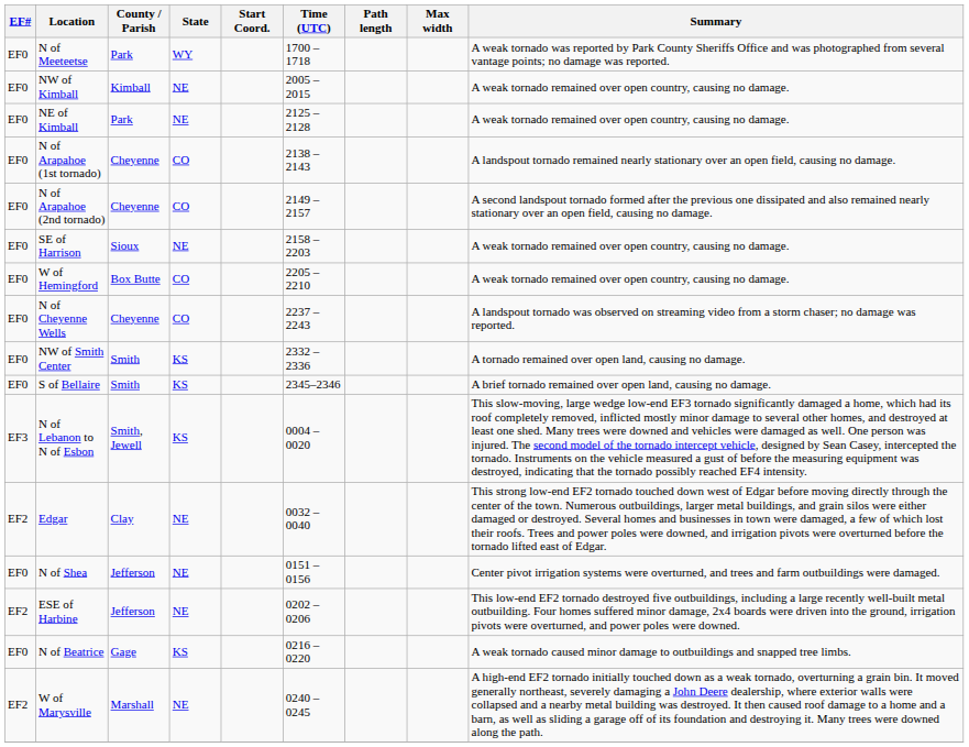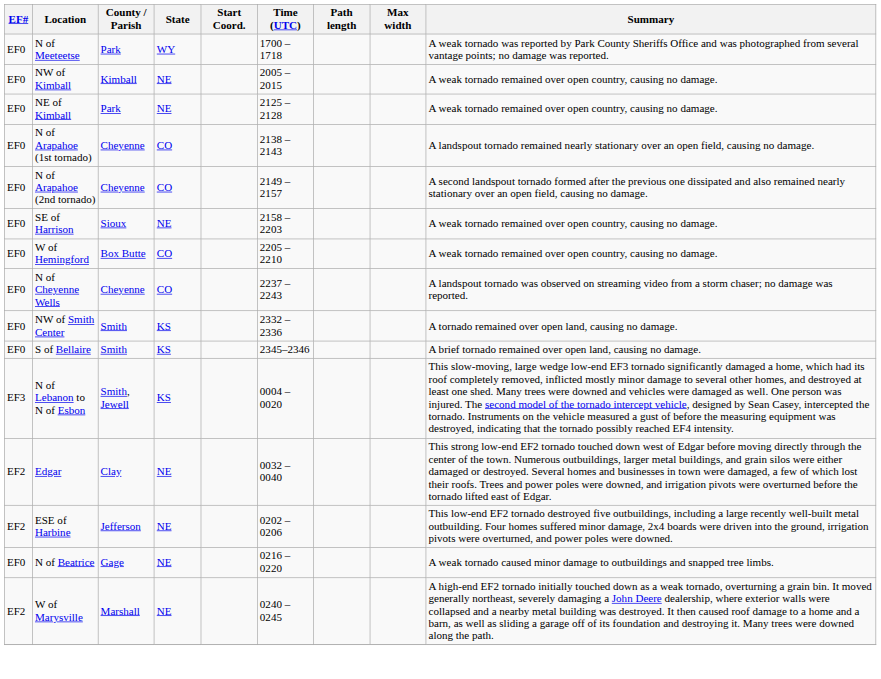 <table class="wikitable sortable" style="width:100%;">
 <tr>
 <th scope="col" width="3%" align="center"><a href='#'>EF#</a></th>
 <th scope="col" width="7%" align="center" class="unsortable">Location</th>
 <th scope="col" width="6%" align="center" class="unsortable">County / Parish</th>
 <th scope="col" width="5%" align="center">State</th>
 <th scope="col" width="6%" align="center">Start Coord.</th>
 <th scope="col" width="6%" align="center">Time (<a href='#'>UTC</a>)</th>
 <th scope="col" width="6%" align="center">Path length</th>
 <th scope="col" width="6%" align="center">Max width</th>
 <th scope="col" width="48%" class="unsortable" align="center">Summary</th>
 </tr>
 <tr>
 <td>EF0</td>
 <td>N of <a href='#'>Meeteetse</a></td>
 <td><a href='#'>Park</a></td>
 <td><a href='#'>WY</a></td>
 <td></td>
 <td>1700 – 1718</td>
 <td></td>
 <td></td>
 <td>A weak tornado was reported by Park County Sheriffs Office and was photographed from several vantage points; no damage was reported.</td>
 </tr>
 <tr>
 <td>EF0</td>
 <td>NW of <a href='#'>Kimball</a></td>
 <td><a href='#'>Kimball</a></td>
 <td><a href='#'>NE</a></td>
 <td></td>
 <td>2005 – 2015</td>
 <td></td>
 <td></td>
 <td>A weak tornado remained over open country, causing no damage.</td>
 </tr>
 <tr>
 <td>EF0</td>
 <td>NE of <a href='#'>Kimball</a></td>
 <td><a href='#'>Park</a></td>
 <td><a href='#'>NE</a></td>
 <td></td>
 <td>2125 – 2128</td>
 <td></td>
 <td></td>
 <td>A weak tornado remained over open country, causing no damage.</td>
 </tr>
 <tr>
 <td>EF0</td>
 <td>N of <a href='#'>Arapahoe</a> (1st tornado)</td>
 <td><a href='#'>Cheyenne</a></td>
 <td><a href='#'>CO</a></td>
 <td></td>
 <td>2138 – 2143</td>
 <td></td>
 <td></td>
 <td>A landspout tornado remained nearly stationary over an open field, causing no damage.</td>
 </tr>
 <tr>
 <td>EF0</td>
 <td>N of <a href='#'>Arapahoe</a> (2nd tornado)</td>
 <td><a href='#'>Cheyenne</a></td>
 <td><a href='#'>CO</a></td>
 <td></td>
 <td>2149 – 2157</td>
 <td></td>
 <td></td>
 <td>A second landspout tornado formed after the previous one dissipated and also remained nearly stationary over an open field, causing no damage.</td>
 </tr>
 <tr>
 <td>EF0</td>
 <td>SE of <a href='#'>Harrison</a></td>
 <td><a href='#'>Sioux</a></td>
 <td><a href='#'>NE</a></td>
 <td></td>
 <td>2158 – 2203</td>
 <td></td>
 <td></td>
 <td>A weak tornado remained over open country, causing no damage.</td>
 </tr>
 <tr>
 <td>EF0</td>
 <td>W of <a href='#'>Hemingford</a></td>
 <td><a href='#'>Box Butte</a></td>
 <td><a href='#'>CO</a></td>
 <td></td>
 <td>2205 – 2210</td>
 <td></td>
 <td></td>
 <td>A weak tornado remained over open country, causing no damage.</td>
 </tr>
 <tr>
 <td>EF0</td>
 <td>N of <a href='#'>Cheyenne Wells</a></td>
 <td><a href='#'>Cheyenne</a></td>
 <td><a href='#'>CO</a></td>
 <td></td>
 <td>2237 – 2243</td>
 <td></td>
 <td></td>
 <td>A landspout tornado was observed on streaming video from a storm chaser; no damage was reported.</td>
 </tr>
 <tr>
 <td>EF0</td>
 <td>NW of <a href='#'>Smith Center</a></td>
 <td><a href='#'>Smith</a></td>
 <td><a href='#'>KS</a></td>
 <td></td>
 <td>2332 – 2336</td>
 <td></td>
 <td></td>
 <td>A tornado remained over open land, causing no damage.</td>
 </tr>
 <tr>
 <td>EF0</td>
 <td>S of <a href='#'>Bellaire</a></td>
 <td><a href='#'>Smith</a></td>
 <td><a href='#'>KS</a></td>
 <td></td>
 <td>2345–2346</td>
 <td></td>
 <td></td>
 <td>A brief tornado remained over open land, causing no damage.</td>
 </tr>
 <tr>
 <td>EF3</td>
 <td>N of <a href='#'>Lebanon</a> to N of <a href='#'>Esbon</a></td>
 <td><a href='#'>Smith</a>, <a href='#'>Jewell</a></td>
 <td><a href='#'>KS</a></td>
 <td></td>
 <td>0004 – 0020</td>
 <td></td>
 <td></td>
 <td>This slow-moving, large wedge low-end EF3 tornado significantly damaged a home, which had its roof completely removed, inflicted mostly minor damage to several other homes, and destroyed at least one shed. Many trees were downed and vehicles were damaged as well. One person was injured. The <a href='#'>second model of the tornado intercept vehicle</a>, designed by Sean Casey, intercepted the tornado. Instruments on the vehicle measured a gust of  before the measuring equipment was destroyed, indicating that the tornado possibly reached EF4 intensity.</td>
 </tr>
 <tr>
 <td>EF2</td>
 <td><a href='#'>Edgar</a></td>
 <td><a href='#'>Clay</a></td>
 <td><a href='#'>NE</a></td>
 <td></td>
 <td>0032 – 0040</td>
 <td></td>
 <td></td>
 <td>This strong low-end EF2 tornado touched down west of Edgar before moving directly through the center of the town. Numerous outbuildings, larger metal buildings, and grain silos were either damaged or destroyed. Several homes and businesses in town were damaged, a few of which lost their roofs. Trees and power poles were downed, and irrigation pivots were overturned before the tornado lifted east of Edgar.</td>
 </tr>
 <tr>
-<td>EF0</td>
-<td>N of <a href='#'>Shea</a></td>
-<td><a href='#'>Jefferson</a></td>
-<td><a href='#'>NE</a></td>
-<td></td>
-<td>0151 – 0156</td>
-<td></td>
-<td></td>
-<td>Center pivot irrigation systems were overturned, and trees and farm outbuildings were damaged.</td>
-</tr>
-<tr>
 <td>EF2</td>
 <td>ESE of <a href='#'>Harbine</a></td>
 <td><a href='#'>Jefferson</a></td>
 <td><a href='#'>NE</a></td>
 <td></td>
 <td>0202 – 0206</td>
 <td></td>
 <td></td>
 <td>This low-end EF2 tornado destroyed five outbuildings, including a large recently well-built metal outbuilding. Four homes suffered minor damage, 2x4 boards were driven into the ground, irrigation pivots were overturned, and power poles were downed.</td>
 </tr>
 <tr>
 <td>EF0</td>
 <td>N of <a href='#'>Beatrice</a></td>
 <td><a href='#'>Gage</a></td>
-<td><a href='#'>KS</a></td>
+<td><a href='#'>NE</a></td>
 <td></td>
 <td>0216 – 0220</td>
 <td></td>
 <td></td>
 <td>A weak tornado caused minor damage to outbuildings and snapped tree limbs.</td>
 </tr>
 <tr>
 <td>EF2</td>
 <td>W of <a href='#'>Marysville</a></td>
 <td><a href='#'>Marshall</a></td>
 <td><a href='#'>NE</a></td>
 <td></td>
 <td>0240 – 0245</td>
 <td></td>
 <td></td>
 <td>A high-end EF2 tornado initially touched down as a weak tornado, overturning a grain bin. It moved generally northeast, severely damaging a <a href='#'>John Deere</a> dealership, where exterior walls were collapsed and a nearby metal building was destroyed. It then caused roof damage to a home and a barn, as well as sliding a garage off of its foundation and destroying it. Many trees were downed along the path.</td>
 </tr>
 <tr>
 </tr>
 </table>
